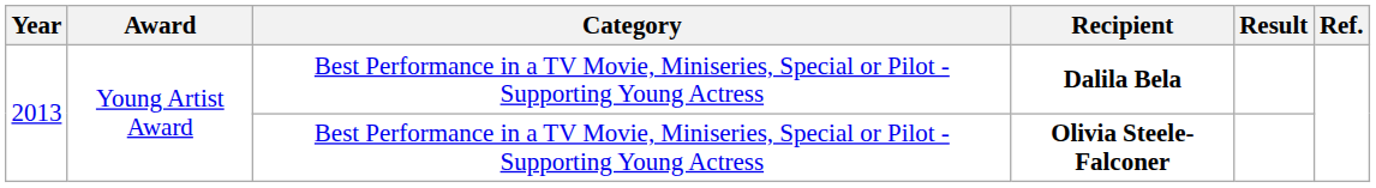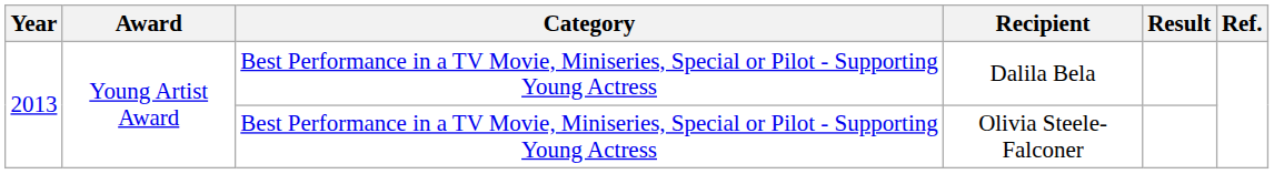 <table class="wikitable" rowspan=6; style="text-align: center; background:#ffffff;">
 <tr>
 <th>Year</th>
 <th>Award</th>
 <th>Category</th>
 <th>Recipient</th>
 <th>Result</th>
 <th>Ref.</th>
 </tr>
 <tr>
 <td rowspan=2><a href='#'>2013</a></td>
 <td rowspan=2><a href='#'>Young Artist Award</a></td>
 <td><a href='#'>Best Performance in a TV Movie, Miniseries, Special or Pilot - Supporting Young Actress</a></td>
-<td><strong>Dalila Bela</strong></td>
+<td>Dalila Bela</td>
 <td></td>
 <td rowspan=2></td>
 </tr>
 <tr>
 <td><a href='#'>Best Performance in a TV Movie, Miniseries, Special or Pilot - Supporting Young Actress</a></td>
-<td><strong>Olivia Steele-Falconer</strong></td>
+<td>Olivia Steele-Falconer</td>
 <td></td>
 </tr>
 </table>
